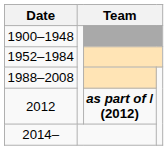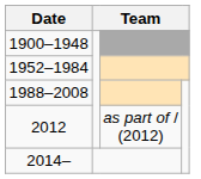 <table class="wikitable" style="text-align:center; font-size:90%;">
 <tr>
 <th>Date</th>
 <th colspan=3>Team</th>
 </tr>
 <tr>
 <td>1900–1948</td>
 <td rowspan=4></td>
 <td colspan=2 style="background:darkgray"></td>
 </tr>
 <tr>
 <td>1952–1984</td>
 <td colspan=2 style="background:moccasin"></td>
 </tr>
 <tr>
 <td>1988–2008</td>
 <td style="background:moccasin"></td>
 <td rowspan=3></td>
 </tr>
 <tr>
 <td>2012</td>
-<td><strong><em>as part of </em> /<br>  (2012)</strong></td>
+<td><em>as part of </em> /<br>  (2012)</td>
 </tr>
 <tr>
 <td>2014–</td>
 <td colspan=2></td>
 </tr>
 </table>
